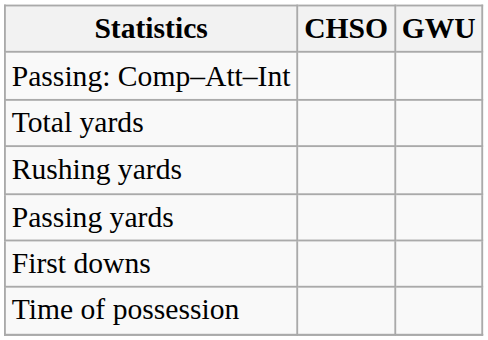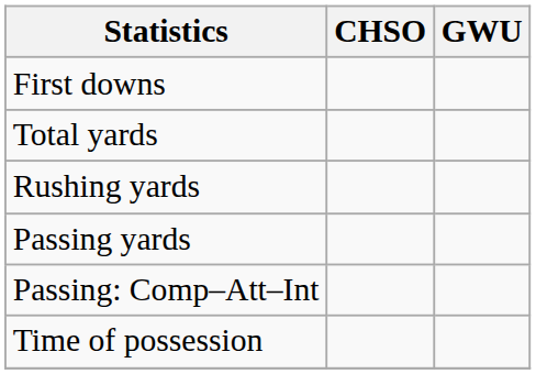 <table class="wikitable" style="float: left;">
 <tr>
 <th>Statistics</th>
 <th>CHSO</th>
 <th>GWU</th>
 </tr>
 <tr>
-<td>Passing: Comp–Att–Int</td>
+<td>First downs</td>
 <td></td>
 <td></td>
 </tr>
 <tr>
 <td>Total yards</td>
 <td></td>
 <td></td>
 </tr>
 <tr>
 <td>Rushing yards</td>
 <td></td>
 <td></td>
 </tr>
 <tr>
 <td>Passing yards</td>
 <td></td>
 <td></td>
 </tr>
 <tr>
-<td>First downs</td>
+<td>Passing: Comp–Att–Int</td>
 <td></td>
 <td></td>
 </tr>
 <tr>
 <td>Time of possession</td>
 <td></td>
 <td></td>
 </tr>
 <tr>
 </tr>
 </table>
